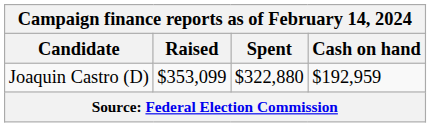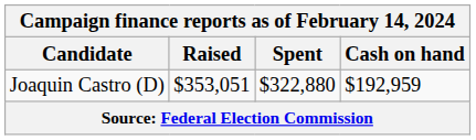 <table class="wikitable sortable">
 <tr>
 <th colspan=4>Campaign finance reports as of February 14, 2024</th>
 </tr>
 <tr style="text-align:center;">
 <th>Candidate</th>
 <th>Raised</th>
 <th>Spent</th>
 <th>Cash on hand</th>
 </tr>
 <tr>
 <td style="color:black;background-color:">Joaquin Castro (D)</td>
-<td>$353,099</td>
+<td>$353,051</td>
 <td>$322,880</td>
 <td>$192,959</td>
 </tr>
 <tr>
 <th colspan="4"><small>Source: <a href='#'>Federal Election Commission</a></small></th>
 </tr>
 </table>
